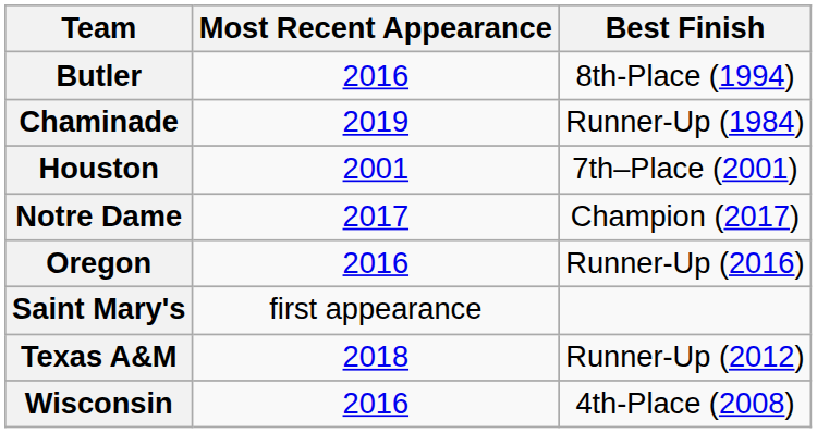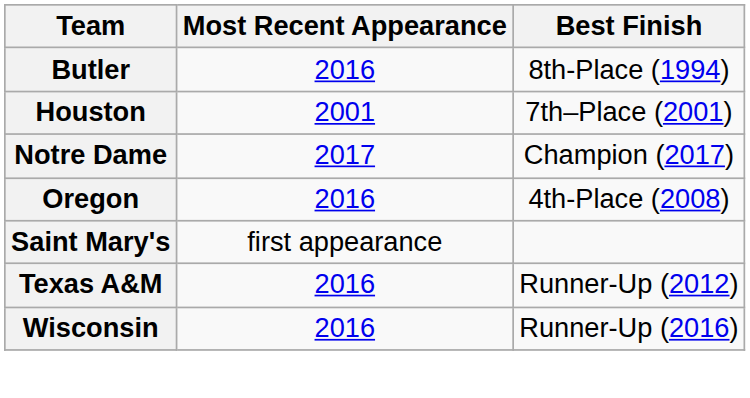 <table class="wikitable">
 <tr>
 <th>Team</th>
 <th>Most Recent Appearance</th>
 <th>Best Finish</th>
 </tr>
 <tr style="text-align:center;">
 <th>Butler</th>
 <td><a href='#'>2016</a></td>
 <td>8th-Place (<a href='#'>1994</a>)</td>
-</tr>
-<tr style="text-align:center;">
-<th>Chaminade</th>
-<td><a href='#'>2019</a></td>
-<td>Runner-Up (<a href='#'>1984</a>)</td>
 </tr>
 <tr style="text-align:center;">
 <th>Houston</th>
 <td><a href='#'>2001</a></td>
 <td>7th–Place (<a href='#'>2001</a>)</td>
 </tr>
 <tr style="text-align:center;">
 <th>Notre Dame</th>
 <td><a href='#'>2017</a></td>
 <td>Champion (<a href='#'>2017</a>)</td>
 </tr>
 <tr style="text-align:center;">
 <th>Oregon</th>
 <td><a href='#'>2016</a></td>
-<td>Runner-Up (<a href='#'>2016</a>)</td>
+<td>4th-Place (<a href='#'>2008</a>)</td>
 </tr>
 <tr style="text-align:center;">
 <th>Saint Mary's</th>
 <td>first appearance</td>
 </tr>
 <tr style="text-align:center;">
 <th>Texas A&M</th>
-<td><a href='#'>2018</a></td>
+<td><a href='#'>2016</a></td>
 <td>Runner-Up (<a href='#'>2012</a>)</td>
 </tr>
 <tr style="text-align:center;">
 <th>Wisconsin</th>
 <td><a href='#'>2016</a></td>
-<td>4th-Place (<a href='#'>2008</a>)</td>
+<td>Runner-Up (<a href='#'>2016</a>)</td>
 </tr>
 </table>
